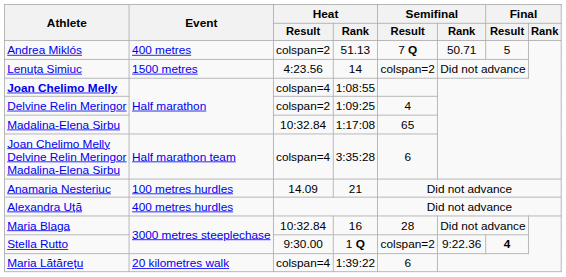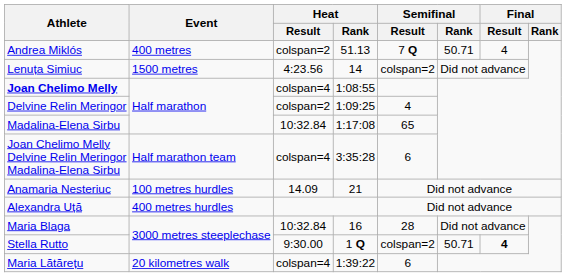 <table class=wikitable style=font-size:90%>
 <tr>
 <th rowspan=2>Athlete</th>
 <th rowspan=2>Event</th>
 <th colspan=2>Heat</th>
 <th colspan=2>Semifinal</th>
 <th colspan=2>Final</th>
 </tr>
 <tr style=font-size:95%>
 <th>Result</th>
 <th>Rank</th>
 <th>Result</th>
 <th>Rank</th>
 <th>Result</th>
 <th>Rank</th>
 </tr>
 <tr align=center>
 <td align=left><a href='#'>Andrea Miklós</a></td>
 <td align=left><a href='#'>400 metres</a></td>
 <td>colspan=2</td>
 <td>51.13</td>
 <td>7 <strong>Q</strong></td>
 <td>50.71 </td>
-<td>5</td>
+<td>4</td>
 </tr>
 <tr align=center>
 <td align=left><a href='#'>Lenuța Simiuc</a></td>
 <td align=left><a href='#'>1500 metres</a></td>
 <td>4:23.56</td>
 <td>14</td>
 <td>colspan=2</td>
 <td colspan=2>Did not advance</td>
 </tr>
 <tr align=center>
 <td align=left><strong><a href='#'>Joan Chelimo Melly</a></strong></td>
 <td align=left rowspan=3><a href='#'>Half marathon</a></td>
 <td>colspan=4</td>
 <td>1:08:55</td>
 <td></td>
 </tr>
 <tr align=center>
 <td align=left><a href='#'>Delvine Relin Meringor</a></td>
 <td>colspan=2</td>
 <td>1:09:25 </td>
 <td>4</td>
 </tr>
 <tr align=center>
 <td align=left><a href='#'>Madalina-Elena Sirbu</a></td>
 <td>10:32.84</td>
 <td>1:17:08</td>
 <td>65</td>
 </tr>
 <tr align=center>
 <td align=left><a href='#'>Joan Chelimo Melly</a><br><a href='#'>Delvine Relin Meringor</a><br><a href='#'>Madalina-Elena Sirbu</a></td>
 <td align=left><a href='#'>Half marathon team</a></td>
 <td>colspan=4</td>
 <td>3:35:28</td>
 <td>6</td>
 </tr>
 <tr align=center>
 <td align=left><a href='#'>Anamaria Nesteriuc</a></td>
 <td align=left><a href='#'>100 metres hurdles</a></td>
 <td>14.09 </td>
 <td>21</td>
 <td colspan=4>Did not advance</td>
 </tr>
 <tr align=center>
 <td align=left><a href='#'>Alexandra Uță</a></td>
 <td align=left><a href='#'>400 metres hurdles</a></td>
 <td colspan=2></td>
 <td colspan=4>Did not advance</td>
 </tr>
 <tr align=center>
 <td align=left><a href='#'>Maria Blaga</a></td>
 <td align=left rowspan=2><a href='#'>3000 metres steeplechase</a></td>
 <td>10:32.84</td>
 <td>16</td>
 <td>28</td>
 <td colspan=2>Did not advance</td>
 </tr>
 <tr align=center>
 <td align=left><a href='#'>Stella Rutto</a></td>
 <td>9:30.00</td>
 <td>1 <strong>Q</strong></td>
 <td>colspan=2</td>
-<td>9:22.36 </td>
+<td>50.71 </td>
 <td><strong>4</strong></td>
 </tr>
 <tr align=center>
 <td align=left><a href='#'>Maria Lătărețu</a></td>
 <td align=left><a href='#'>20 kilometres walk</a></td>
 <td>colspan=4</td>
 <td>1:39:22</td>
 <td>6</td>
 </tr>
 </table>
